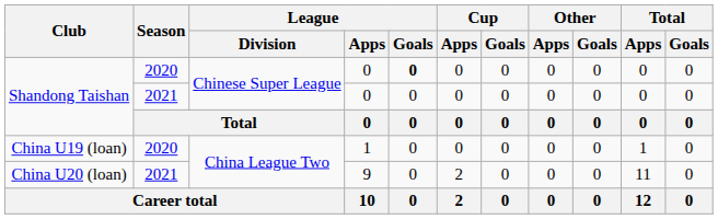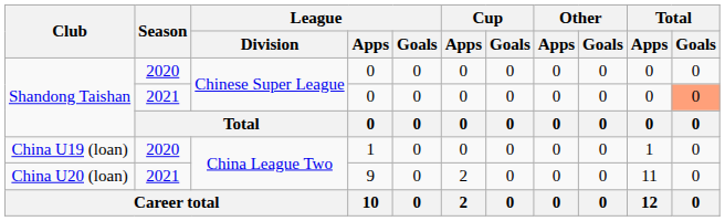 <table class="wikitable" style="text-align: center">
 <tr>
 <th rowspan="2">Club</th>
 <th rowspan="2">Season</th>
 <th colspan="3">League</th>
 <th colspan="2">Cup</th>
 <th colspan="2">Other</th>
 <th colspan="2">Total</th>
 </tr>
 <tr>
 <th>Division</th>
 <th>Apps</th>
 <th>Goals</th>
 <th>Apps</th>
 <th>Goals</th>
 <th>Apps</th>
 <th>Goals</th>
 <th>Apps</th>
 <th>Goals</th>
 </tr>
 <tr>
 <td rowspan="3"><a href='#'>Shandong Taishan</a></td>
 <td><a href='#'>2020</a></td>
 <td rowspan="2"><a href='#'>Chinese Super League</a></td>
 <td>0</td>
-<td><strong>0</strong></td>
+<td>0</td>
 <td>0</td>
 <td>0</td>
 <td>0</td>
 <td>0</td>
 <td>0</td>
 <td>0</td>
 </tr>
 <tr>
 <td><a href='#'>2021</a></td>
 <td>0</td>
 <td>0</td>
 <td>0</td>
 <td>0</td>
 <td>0</td>
 <td>0</td>
 <td>0</td>
-<td>0</td>
+<td style="background: lightsalmon;">0</td>
 </tr>
 <tr>
 <th colspan=2>Total</th>
 <th>0</th>
 <th>0</th>
 <th>0</th>
 <th>0</th>
 <th>0</th>
 <th>0</th>
 <th>0</th>
 <th>0</th>
 </tr>
 <tr>
 <td><a href='#'>China U19</a> (loan)</td>
 <td><a href='#'>2020</a></td>
 <td rowspan="2"><a href='#'>China League Two</a></td>
 <td>1</td>
 <td>0</td>
 <td>0</td>
 <td>0</td>
 <td>0</td>
 <td>0</td>
 <td>1</td>
 <td>0</td>
 </tr>
 <tr>
 <td><a href='#'>China U20</a> (loan)</td>
 <td><a href='#'>2021</a></td>
 <td>9</td>
 <td>0</td>
 <td>2</td>
 <td>0</td>
 <td>0</td>
 <td>0</td>
 <td>11</td>
 <td>0</td>
 </tr>
 <tr>
 <th colspan=3>Career total</th>
 <th>10</th>
 <th>0</th>
 <th>2</th>
 <th>0</th>
 <th>0</th>
 <th>0</th>
 <th>12</th>
 <th>0</th>
 </tr>
 </table>
